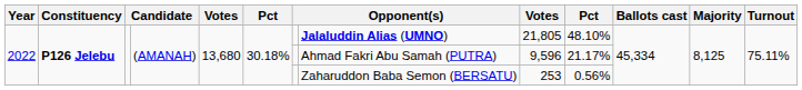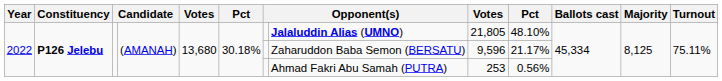 <table class="wikitable" style="margin:0.5em ; font-size:95%">
 <tr>
 <th>Year</th>
 <th>Constituency</th>
 <th colspan=2>Candidate</th>
 <th>Votes</th>
 <th>Pct</th>
 <th colspan=2>Opponent(s)</th>
 <th>Votes</th>
 <th>Pct</th>
 <th>Ballots cast</th>
 <th>Majority</th>
 <th>Turnout</th>
 </tr>
 <tr>
 <td rowspan="3"><a href='#'>2022</a></td>
 <td rowspan="3"><strong>P126 <a href='#'>Jelebu</a></strong></td>
 <td rowspan="3" ></td>
 <td rowspan="3"> (<a href='#'>AMANAH</a>)</td>
 <td rowspan="3" align="right">13,680</td>
 <td rowspan="3">30.18%</td>
 <td></td>
 <td><strong><a href='#'>Jalaluddin Alias</a></strong> (<a href='#'><strong>UMNO</strong></a>)</td>
 <td align="right">21,805</td>
 <td>48.10%</td>
 <td rowspan="3">45,334</td>
 <td rowspan="3">8,125</td>
 <td rowspan="3">75.11%</td>
 </tr>
 <tr>
 <td bgcolor=></td>
-<td>Ahmad Fakri Abu Samah (<a href='#'>PUTRA</a>)</td>
+<td>Zaharuddon Baba Semon (<a href='#'>BERSATU</a>)</td>
 <td align=right>9,596</td>
 <td align="right">21.17%</td>
 </tr>
 <tr>
 <td bgcolor=></td>
-<td>Zaharuddon Baba Semon (<a href='#'>BERSATU</a>)</td>
+<td>Ahmad Fakri Abu Samah (<a href='#'>PUTRA</a>)</td>
 <td align=right>253</td>
 <td align="right">0.56%</td>
 </tr>
 </table>
